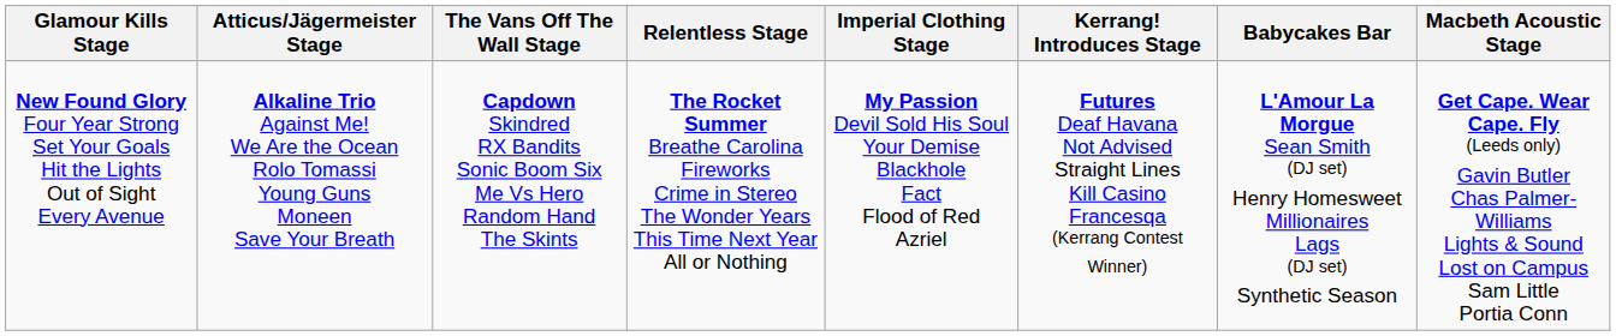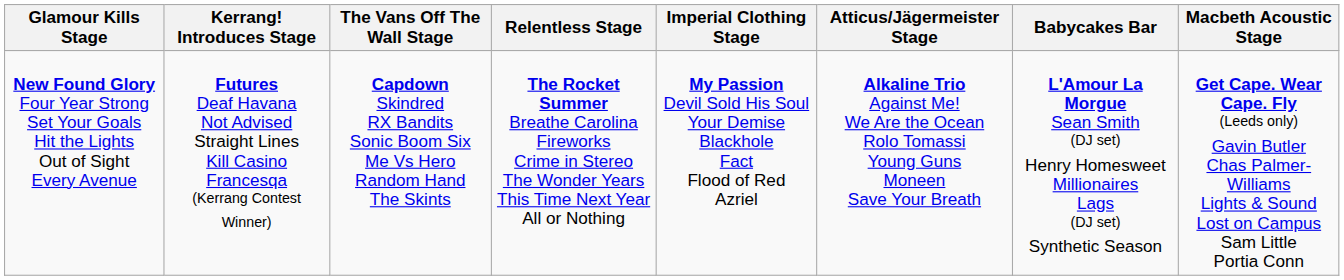 <table class="wikitable">
 <tr>
 <th>Glamour Kills Stage</th>
-<th>Atticus/Jägermeister Stage</th>
+<th>Kerrang! Introduces Stage</th>
 <th>The Vans Off The Wall Stage</th>
 <th>Relentless Stage</th>
 <th>Imperial Clothing Stage</th>
-<th>Kerrang! Introduces Stage</th>
+<th>Atticus/Jägermeister Stage</th>
 <th>Babycakes Bar</th>
 <th>Macbeth Acoustic Stage</th>
 </tr>
 <tr>
 <td valign="top" align="center" width=185><br><strong><a href='#'>New Found Glory</a></strong> <br><a href='#'>Four Year Strong</a> <br><a href='#'>Set Your Goals</a> <br><a href='#'>Hit the Lights</a> <br>Out of Sight <br><a href='#'>Every Avenue</a></td>
-<td valign="top" align="center" width=185><br><strong><a href='#'>Alkaline Trio</a></strong> <br><a href='#'>Against Me!</a> <br><a href='#'>We Are the Ocean</a> <br><a href='#'>Rolo Tomassi</a> <br><a href='#'>Young Guns</a> <br><a href='#'>Moneen</a> <br><a href='#'>Save Your Breath</a></td>
+<td valign="top" align="center" width=185><br><strong><a href='#'>Futures</a></strong> <br><a href='#'>Deaf Havana</a> <br><a href='#'>Not Advised</a> <br>Straight Lines <br><a href='#'>Kill Casino</a> <br><a href='#'>Francesqa</a><br><sup>(Kerrang Contest Winner)</sup></td>
 <td valign="top" align="center" width=185><br><strong><a href='#'>Capdown</a></strong> <br><a href='#'>Skindred</a> <br><a href='#'>RX Bandits</a> <br><a href='#'>Sonic Boom Six</a> <br><a href='#'>Me Vs Hero</a> <br><a href='#'>Random Hand</a> <br><a href='#'>The Skints</a></td>
 <td valign="top" align="center" width=185><br><strong><a href='#'>The Rocket Summer</a></strong> <br><a href='#'>Breathe Carolina</a> <br><a href='#'>Fireworks</a> <br><a href='#'>Crime in Stereo</a> <br><a href='#'>The Wonder Years</a> <br><a href='#'>This Time Next Year</a> <br>All or Nothing</td>
 <td valign="top" align="center" width=185><br><strong><a href='#'>My Passion</a></strong> <br><a href='#'>Devil Sold His Soul</a> <br><a href='#'>Your Demise</a> <br><a href='#'>Blackhole</a> <br><a href='#'>Fact</a> <br>Flood of Red <br>Azriel</td>
-<td valign="top" align="center" width=185><br><strong><a href='#'>Futures</a></strong> <br><a href='#'>Deaf Havana</a> <br><a href='#'>Not Advised</a> <br>Straight Lines <br><a href='#'>Kill Casino</a> <br><a href='#'>Francesqa</a><br><sup>(Kerrang Contest Winner)</sup></td>
+<td valign="top" align="center" width=185><br><strong><a href='#'>Alkaline Trio</a></strong> <br><a href='#'>Against Me!</a> <br><a href='#'>We Are the Ocean</a> <br><a href='#'>Rolo Tomassi</a> <br><a href='#'>Young Guns</a> <br><a href='#'>Moneen</a> <br><a href='#'>Save Your Breath</a></td>
 <td valign="top" align="center" width=185><br><strong><a href='#'>L'Amour La Morgue</a></strong> <br><a href='#'>Sean Smith</a><br><sup>(DJ set)</sup> <br>Henry Homesweet <br><a href='#'>Millionaires</a> <br><a href='#'>Lags</a><br><sup>(DJ set)</sup> <br>Synthetic Season</td>
 <td valign="top" align="center" width=185><br><strong><a href='#'>Get Cape. Wear Cape. Fly</a></strong><br><sup>(Leeds only)</sup> <br><a href='#'>Gavin Butler</a> <br><a href='#'>Chas Palmer-Williams</a> <br><a href='#'>Lights & Sound</a> <br><a href='#'>Lost on Campus</a> <br>Sam Little <br>Portia Conn</td>
 </tr>
 </table>
